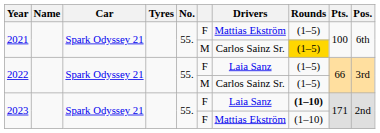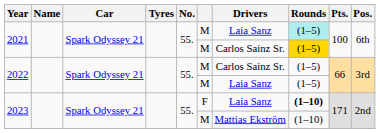 <table class="wikitable" style="text-align:center; font-size:85%">
 <tr>
 <th>Year</th>
 <th>Name</th>
 <th>Car</th>
 <th>Tyres</th>
 <th>No.</th>
 <th></th>
 <th>Drivers</th>
 <th>Rounds</th>
 <th>Pts.</th>
 <th>Pos.</th>
 </tr>
 <tr>
 <td rowspan="2"><a href='#'>2021</a></td>
 <td rowspan="2"></td>
 <td rowspan="2"><a href='#'>Spark Odyssey 21</a></td>
 <td rowspan="2"></td>
 <td rowspan="2">55.</td>
-<td>F</td>
-<td> <a href='#'>Mattias Ekström</a></td>
-<td>(1–5)</td>
+<td>M</td>
+<td> <a href='#'>Laia Sanz</a></td>
+<td style="background: paleturquoise;">(1–5)</td>
 <td rowspan="2">100</td>
 <td rowspan="2">6th</td>
 </tr>
 <tr>
 <td>M</td>
 <td> Carlos Sainz Sr.</td>
 <td style="background: gold;">(1–5)</td>
 </tr>
 <tr>
 <td rowspan="2"><a href='#'>2022</a></td>
 <td rowspan="2"></td>
 <td rowspan="2"><a href='#'>Spark Odyssey 21</a></td>
 <td rowspan="2"></td>
 <td rowspan="2">55.</td>
-<td>F</td>
-<td> <a href='#'>Laia Sanz</a></td>
+<td>M</td>
+<td> Carlos Sainz Sr.</td>
 <td>(1–5)</td>
 <td rowspan="2" style="background:#ffdf9f;">66</td>
 <td rowspan="2" style="background:#ffdf9f;">3rd</td>
 </tr>
 <tr>
 <td>M</td>
-<td> Carlos Sainz Sr.</td>
+<td> <a href='#'>Laia Sanz</a></td>
 <td>(1–5)</td>
 </tr>
 <tr>
 <td rowspan="2"><a href='#'>2023</a></td>
 <td rowspan="2"></td>
 <td rowspan="2"><a href='#'>Spark Odyssey 21</a></td>
 <td rowspan="2"></td>
 <td rowspan="2">55.</td>
 <td>F</td>
 <td> <a href='#'>Laia Sanz</a></td>
 <td><strong>(1–10)</strong></td>
 <td rowspan="2" style="background:#dfdfdf;">171</td>
 <td rowspan="2" style="background:#dfdfdf;">2nd</td>
 </tr>
 <tr>
-<td>F</td>
+<td>M</td>
 <td> <a href='#'>Mattias Ekström</a></td>
 <td>(1–10)</td>
 </tr>
 </table>
